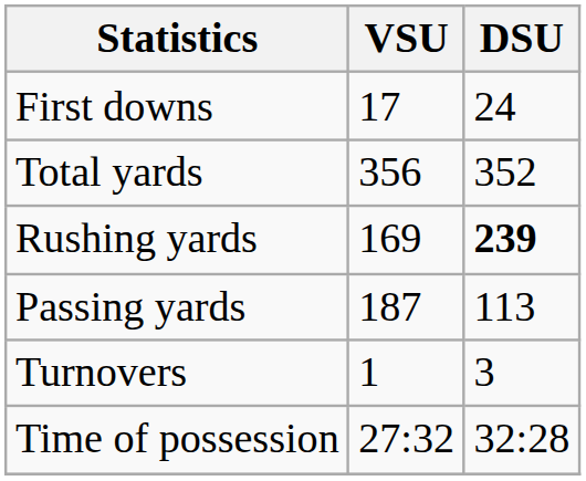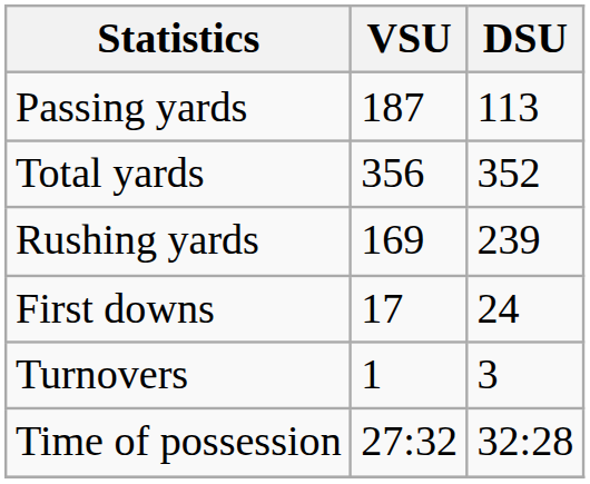 <table class="wikitable">
 <tr>
 <th>Statistics</th>
 <th>VSU</th>
 <th>DSU</th>
 </tr>
 <tr>
-<td>First downs</td>
-<td>17</td>
-<td>24</td>
+<td>Passing yards</td>
+<td>187</td>
+<td>113</td>
 </tr>
 <tr>
 <td>Total yards</td>
 <td>356</td>
 <td>352</td>
 </tr>
 <tr>
 <td>Rushing yards</td>
 <td>169</td>
-<td><strong>239</strong></td>
+<td>239</td>
 </tr>
 <tr>
-<td>Passing yards</td>
-<td>187</td>
-<td>113</td>
+<td>First downs</td>
+<td>17</td>
+<td>24</td>
 </tr>
 <tr>
 <td>Turnovers</td>
 <td>1</td>
 <td>3</td>
 </tr>
 <tr>
 <td>Time of possession</td>
 <td>27:32</td>
 <td>32:28</td>
 </tr>
 <tr>
 </tr>
 </table>
